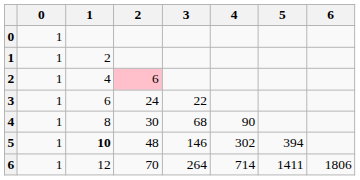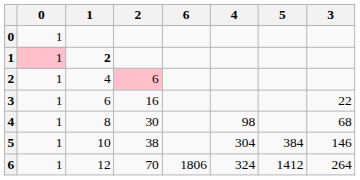 <table class="wikitable" style="text-align:right;">
 <tr>
 <th></th>
 <th width="50">0</th>
 <th width="50">1</th>
 <th width="50">2</th>
-<th width="50">3</th>
+<th width="50">6</th>
 <th width="50">4</th>
 <th width="50">5</th>
-<th width="50">6</th>
+<th width="50">3</th>
 </tr>
 <tr>
 <th>0</th>
 <td>1</td>
 <td></td>
 <td></td>
 <td></td>
 <td></td>
 <td></td>
 <td></td>
 </tr>
 <tr>
 <th>1</th>
-<td>1</td>
-<td>2</td>
+<td style="background: pink;">1</td>
+<td><strong>2</strong></td>
 <td></td>
 <td></td>
 <td></td>
 <td></td>
 <td></td>
 </tr>
 <tr>
 <th>2</th>
 <td>1</td>
 <td>4</td>
 <td style="background: pink;">6</td>
 <td></td>
 <td></td>
 <td></td>
 <td></td>
 </tr>
 <tr>
 <th>3</th>
 <td>1</td>
 <td>6</td>
-<td>24</td>
-<td>22</td>
+<td>16</td>
 <td></td>
 <td></td>
 <td></td>
+<td>22</td>
 </tr>
 <tr>
 <th>4</th>
 <td>1</td>
 <td>8</td>
 <td>30</td>
+<td></td>
+<td>98</td>
+<td></td>
 <td>68</td>
-<td>90</td>
-<td></td>
-<td></td>
 </tr>
 <tr>
 <th>5</th>
 <td>1</td>
-<td><strong>10</strong></td>
-<td>48</td>
+<td>10</td>
+<td>38</td>
+<td></td>
+<td>304</td>
+<td>384</td>
 <td>146</td>
-<td>302</td>
-<td>394</td>
-<td></td>
 </tr>
 <tr>
 <th>6</th>
 <td>1</td>
 <td>12</td>
 <td>70</td>
+<td>1806</td>
+<td>324</td>
+<td>1412</td>
 <td>264</td>
-<td>714</td>
-<td>1411</td>
-<td>1806</td>
 </tr>
 </table>
